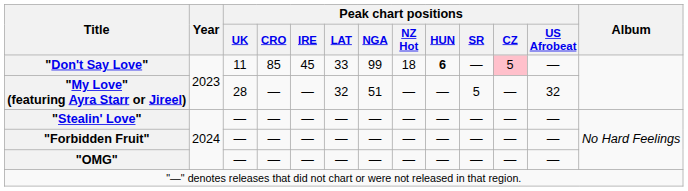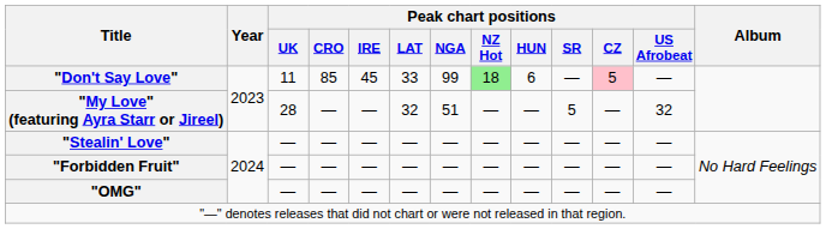 <table class="wikitable plainrowheaders" style="text-align:center;">
 <tr>
 <th scope="col" rowspan="2">Title</th>
 <th scope="col" rowspan="2">Year</th>
 <th scope="col" colspan="10">Peak chart positions</th>
 <th scope="col" rowspan="2">Album</th>
 </tr>
 <tr>
 <th scope="col" style="width:2.5em;font-size:90%;"><a href='#'>UK</a><br></th>
 <th scope="col" style="width:2.5em;font-size:90%;"><a href='#'>CRO</a><br></th>
 <th scope="col" style="width:2.5em;font-size:90%;"><a href='#'>IRE</a><br></th>
 <th scope="col" style="width:2.5em;font-size:90%;"><a href='#'>LAT</a><br></th>
 <th scope="col" style="width:2.5em;font-size:90%;"><a href='#'>NGA</a><br></th>
 <th scope="col" style="width:2.5em;font-size:90%;"><a href='#'>NZ<br>Hot</a><br></th>
 <th scope="col" style="width:2.5em;font-size:90%;"><a href='#'>HUN</a><br></th>
 <th scope="col" style="width:2.5em;font-size:90%;"><a href='#'>SR</a><br></th>
 <th scope="col" style="width:2.5em;font-size:90%;"><a href='#'>CZ</a><br></th>
 <th scope="col" style="width:2.5em;font-size:90%;"><a href='#'>US Afrobeat</a><br></th>
 </tr>
 <tr>
 <th scope="row">"<a href='#'>Don't Say Love</a>"</th>
 <td rowspan="2">2023</td>
 <td>11</td>
 <td>85</td>
 <td>45</td>
 <td>33</td>
 <td>99</td>
-<td>18</td>
-<td><strong>6</strong></td>
+<td style="background: lightgreen;">18</td>
+<td>6</td>
 <td>—</td>
 <td style="background: pink;">5</td>
 <td>—</td>
 <td rowspan="2"></td>
 </tr>
 <tr>
 <th scope="row">"<a href='#'>My Love</a>" <br><span>(featuring <a href='#'>Ayra Starr</a> or <a href='#'>Jireel</a>)</span></th>
 <td>28</td>
 <td>—</td>
 <td>—</td>
 <td>32</td>
 <td>51</td>
 <td>—</td>
 <td>—</td>
 <td>5</td>
 <td>—</td>
 <td>32</td>
 </tr>
 <tr>
 <th scope="row">"<a href='#'>Stealin' Love</a>"</th>
 <td rowspan="3">2024</td>
 <td>—</td>
 <td>—</td>
 <td>—</td>
 <td>—</td>
 <td>—</td>
 <td>—</td>
 <td>—</td>
 <td>—</td>
 <td>—</td>
 <td>—</td>
 <td rowspan="3"><em>No Hard Feelings</em></td>
 </tr>
 <tr>
 <th scope="row">"Forbidden Fruit"</th>
 <td>—</td>
 <td>—</td>
 <td>—</td>
 <td>—</td>
 <td>—</td>
 <td>—</td>
 <td>—</td>
 <td>—</td>
 <td>—</td>
 <td>—</td>
 </tr>
 <tr>
 <th scope="row">"OMG"</th>
 <td>—</td>
 <td>—</td>
 <td>—</td>
 <td>—</td>
 <td>—</td>
 <td>—</td>
 <td>—</td>
 <td>—</td>
 <td>—</td>
 <td>—</td>
 </tr>
 <tr>
 <td style="font-size:85%;" colspan="13">"—" denotes releases that did not chart or were not released in that region.</td>
 </tr>
 </table>
